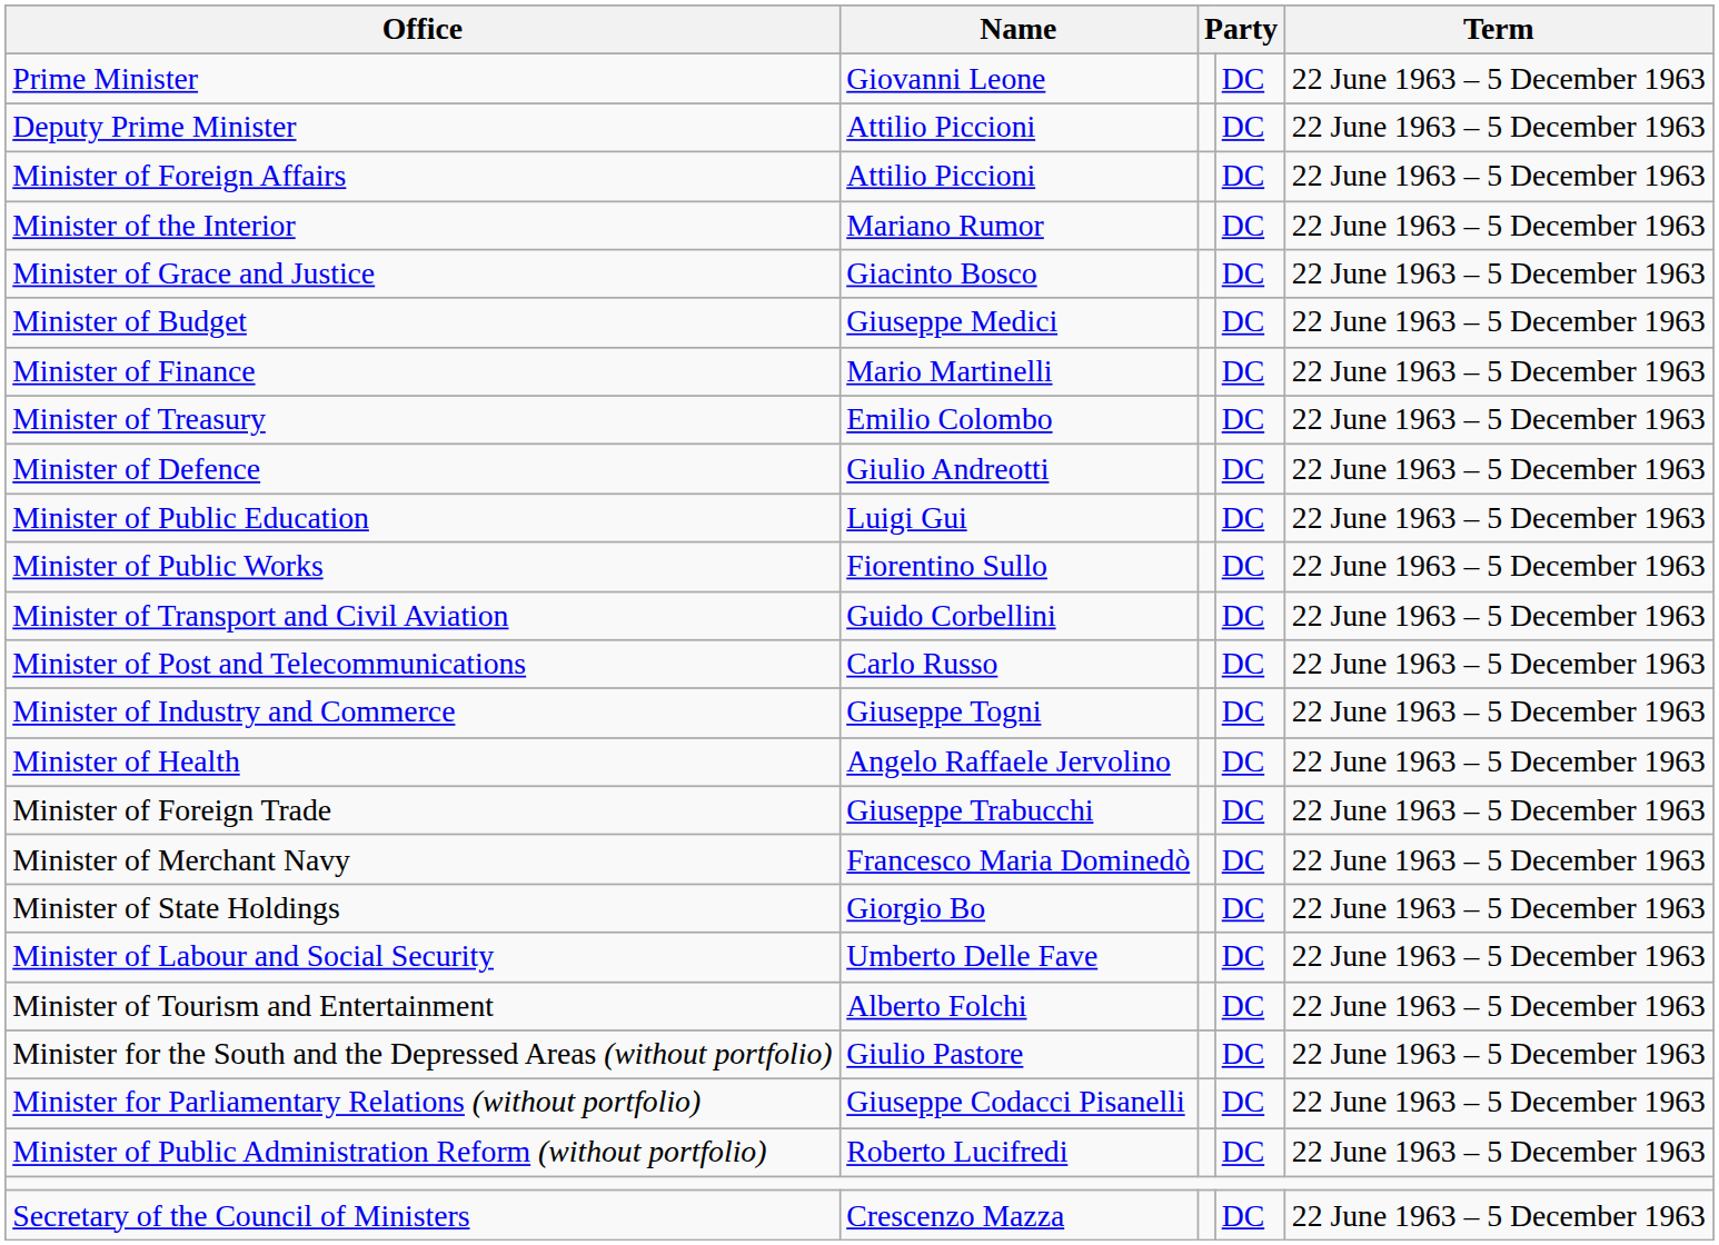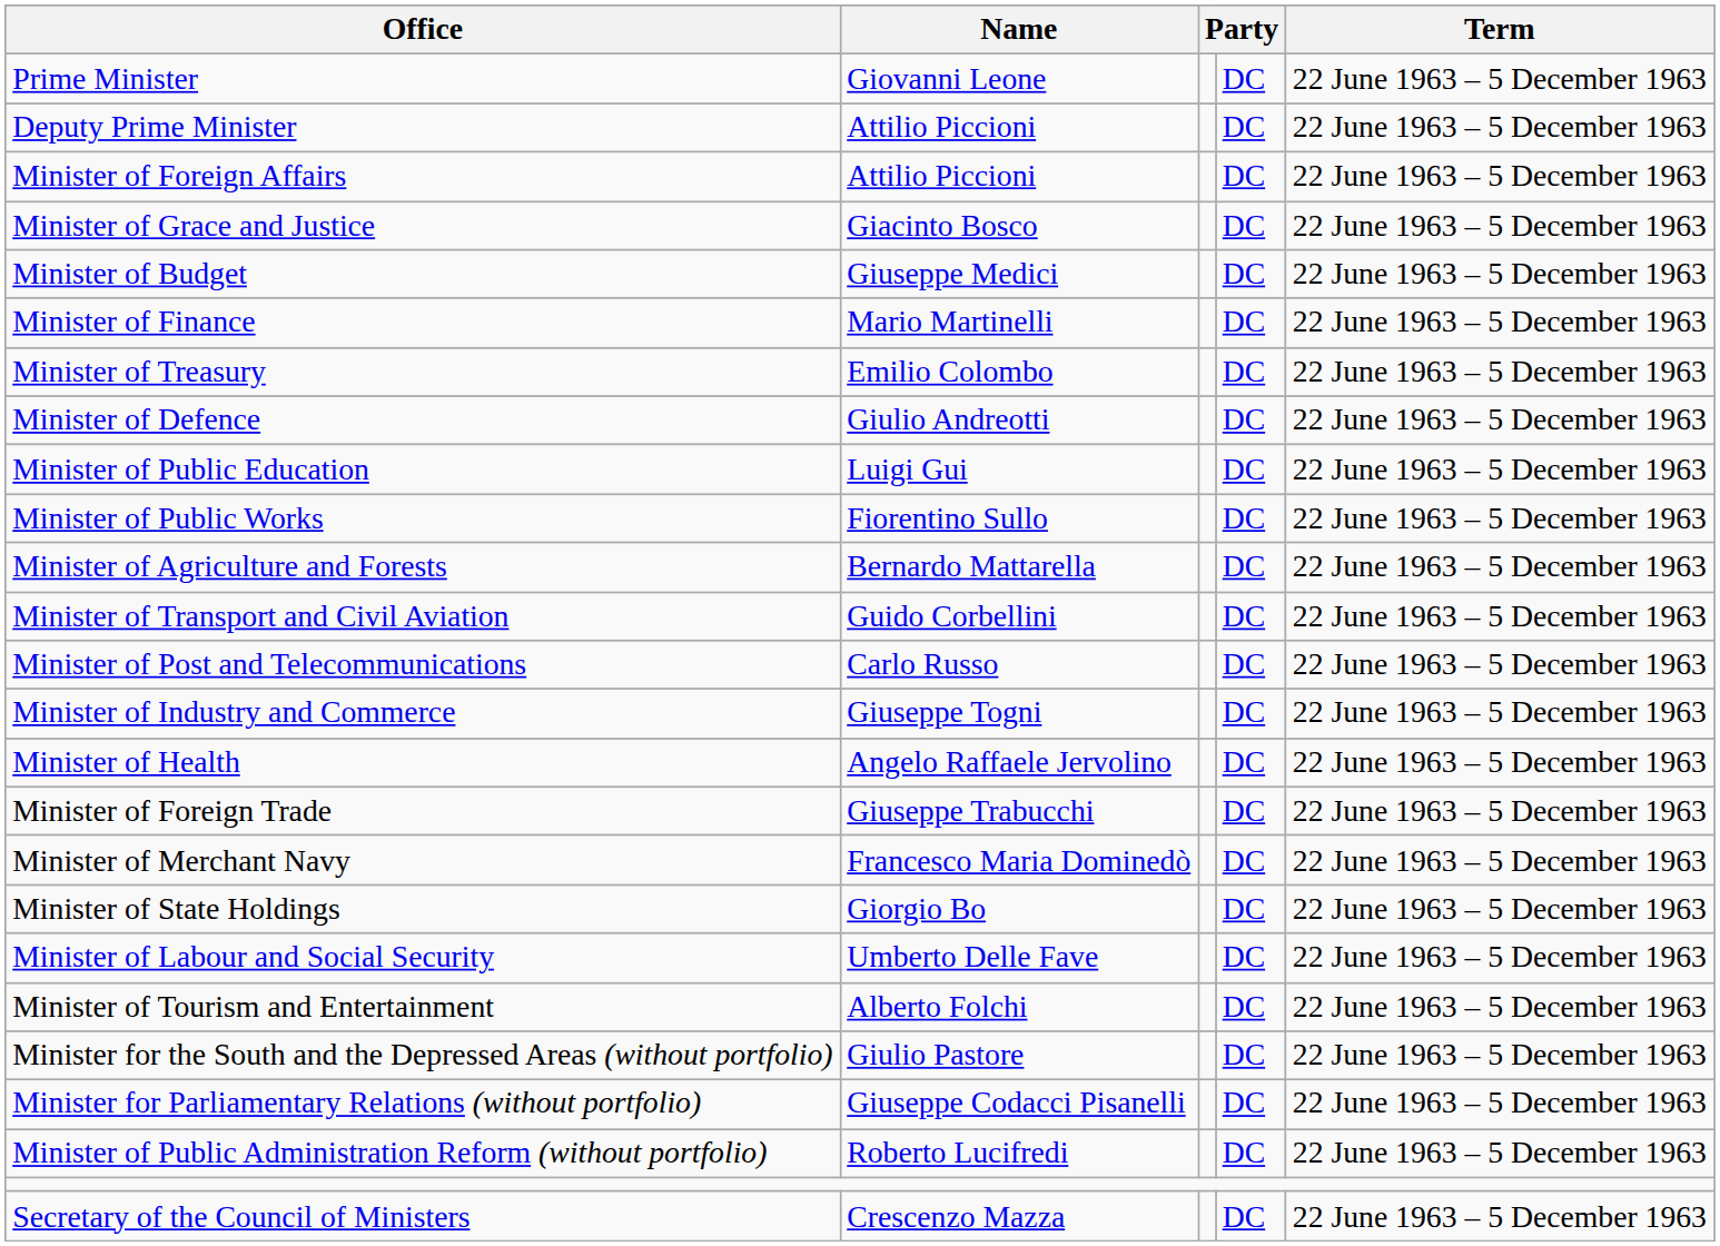 <table class="wikitable" style="font-size: 100%;">
 <tr>
 <th>Office</th>
 <th>Name</th>
 <th colspan=2>Party</th>
 <th>Term</th>
 </tr>
 <tr>
 <td><a href='#'>Prime Minister</a></td>
 <td><a href='#'>Giovanni Leone</a></td>
 <td style="color:inherit;background:"></td>
 <td><a href='#'>DC</a></td>
 <td>22 June 1963 – 5 December 1963</td>
 </tr>
 <tr>
 <td><a href='#'>Deputy Prime Minister</a></td>
 <td><a href='#'>Attilio Piccioni</a></td>
 <td style="color:inherit;background:"></td>
 <td><a href='#'>DC</a></td>
 <td>22 June 1963 – 5 December 1963</td>
 </tr>
 <tr>
 <td><a href='#'>Minister of Foreign Affairs</a></td>
 <td><a href='#'>Attilio Piccioni</a></td>
-<td style="color:inherit;background:"></td>
-<td><a href='#'>DC</a></td>
-<td>22 June 1963 – 5 December 1963</td>
-</tr>
-<tr>
-<td><a href='#'>Minister of the Interior</a></td>
-<td><a href='#'>Mariano Rumor</a></td>
 <td style="color:inherit;background:"></td>
 <td><a href='#'>DC</a></td>
 <td>22 June 1963 – 5 December 1963</td>
 </tr>
 <tr>
 <td><a href='#'>Minister of Grace and Justice</a></td>
 <td><a href='#'>Giacinto Bosco</a></td>
 <td style="color:inherit;background:"></td>
 <td><a href='#'>DC</a></td>
 <td>22 June 1963 – 5 December 1963</td>
 </tr>
 <tr>
 <td><a href='#'>Minister of Budget</a></td>
 <td><a href='#'>Giuseppe Medici</a></td>
 <td style="color:inherit;background:"></td>
 <td><a href='#'>DC</a></td>
 <td>22 June 1963 – 5 December 1963</td>
 </tr>
 <tr>
 <td><a href='#'>Minister of Finance</a></td>
 <td><a href='#'>Mario Martinelli</a></td>
 <td style="color:inherit;background:"></td>
 <td><a href='#'>DC</a></td>
 <td>22 June 1963 – 5 December 1963</td>
 </tr>
 <tr>
 <td><a href='#'>Minister of Treasury</a></td>
 <td><a href='#'>Emilio Colombo</a></td>
 <td style="color:inherit;background:"></td>
 <td><a href='#'>DC</a></td>
 <td>22 June 1963 – 5 December 1963</td>
 </tr>
 <tr>
 <td><a href='#'>Minister of Defence</a></td>
 <td><a href='#'>Giulio Andreotti</a></td>
 <td style="color:inherit;background:"></td>
 <td><a href='#'>DC</a></td>
 <td>22 June 1963 – 5 December 1963</td>
 </tr>
 <tr>
 <td><a href='#'>Minister of Public Education</a></td>
 <td><a href='#'>Luigi Gui</a></td>
 <td style="color:inherit;background:"></td>
 <td><a href='#'>DC</a></td>
 <td>22 June 1963 – 5 December 1963</td>
 </tr>
 <tr>
 <td><a href='#'>Minister of Public Works</a></td>
 <td><a href='#'>Fiorentino Sullo</a></td>
+<td style="color:inherit;background:"></td>
+<td><a href='#'>DC</a></td>
+<td>22 June 1963 – 5 December 1963</td>
+</tr>
+<tr>
+<td><a href='#'>Minister of Agriculture and Forests</a></td>
+<td><a href='#'>Bernardo Mattarella</a></td>
 <td style="color:inherit;background:"></td>
 <td><a href='#'>DC</a></td>
 <td>22 June 1963 – 5 December 1963</td>
 </tr>
 <tr>
 <td><a href='#'>Minister of Transport and Civil Aviation</a></td>
 <td><a href='#'>Guido Corbellini</a></td>
 <td style="color:inherit;background:"></td>
 <td><a href='#'>DC</a></td>
 <td>22 June 1963 – 5 December 1963</td>
 </tr>
 <tr>
 <td><a href='#'>Minister of Post and Telecommunications</a></td>
 <td><a href='#'>Carlo Russo</a></td>
 <td style="color:inherit;background:"></td>
 <td><a href='#'>DC</a></td>
 <td>22 June 1963 – 5 December 1963</td>
 </tr>
 <tr>
 <td><a href='#'>Minister of Industry and Commerce</a></td>
 <td><a href='#'>Giuseppe Togni</a></td>
 <td style="color:inherit;background:"></td>
 <td><a href='#'>DC</a></td>
 <td>22 June 1963 – 5 December 1963</td>
 </tr>
 <tr>
 <td><a href='#'>Minister of Health</a></td>
 <td><a href='#'>Angelo Raffaele Jervolino</a></td>
 <td style="color:inherit;background:"></td>
 <td><a href='#'>DC</a></td>
 <td>22 June 1963 – 5 December 1963</td>
 </tr>
 <tr>
 <td>Minister of Foreign Trade</td>
 <td><a href='#'>Giuseppe Trabucchi</a></td>
 <td style="color:inherit;background:"></td>
 <td><a href='#'>DC</a></td>
 <td>22 June 1963 – 5 December 1963</td>
 </tr>
 <tr>
 <td>Minister of Merchant Navy</td>
 <td><a href='#'>Francesco Maria Dominedò</a></td>
 <td style="color:inherit;background:"></td>
 <td><a href='#'>DC</a></td>
 <td>22 June 1963 – 5 December 1963</td>
 </tr>
 <tr>
 <td>Minister of State Holdings</td>
 <td><a href='#'>Giorgio Bo</a></td>
 <td style="color:inherit;background:"></td>
 <td><a href='#'>DC</a></td>
 <td>22 June 1963 – 5 December 1963</td>
 </tr>
 <tr>
 <td><a href='#'>Minister of Labour and Social Security</a></td>
 <td><a href='#'>Umberto Delle Fave</a></td>
 <td style="color:inherit;background:"></td>
 <td><a href='#'>DC</a></td>
 <td>22 June 1963 – 5 December 1963</td>
 </tr>
 <tr>
 <td>Minister of Tourism and Entertainment</td>
 <td><a href='#'>Alberto Folchi</a></td>
 <td style="color:inherit;background:"></td>
 <td><a href='#'>DC</a></td>
 <td>22 June 1963 – 5 December 1963</td>
 </tr>
 <tr>
 <td>Minister for the South and the Depressed Areas <em>(without portfolio)</em></td>
 <td><a href='#'>Giulio Pastore</a></td>
 <td style="color:inherit;background:"></td>
 <td><a href='#'>DC</a></td>
 <td>22 June 1963 – 5 December 1963</td>
 </tr>
 <tr>
 <td><a href='#'>Minister for Parliamentary Relations</a> <em>(without portfolio)</em></td>
 <td><a href='#'>Giuseppe Codacci Pisanelli</a></td>
 <td style="color:inherit;background:"></td>
 <td><a href='#'>DC</a></td>
 <td>22 June 1963 – 5 December 1963</td>
 </tr>
 <tr>
 <td><a href='#'>Minister of Public Administration Reform</a> <em>(without portfolio)</em></td>
 <td><a href='#'>Roberto Lucifredi</a></td>
 <td style="color:inherit;background:"></td>
 <td><a href='#'>DC</a></td>
 <td>22 June 1963 – 5 December 1963</td>
 </tr>
 <tr>
 <td colspan="5"></td>
 </tr>
 <tr>
 <td><a href='#'>Secretary of the Council of Ministers</a></td>
 <td><a href='#'>Crescenzo Mazza</a></td>
 <td style="color:inherit;background:"></td>
 <td><a href='#'>DC</a></td>
 <td>22 June 1963 – 5 December 1963</td>
 </tr>
 </table>
